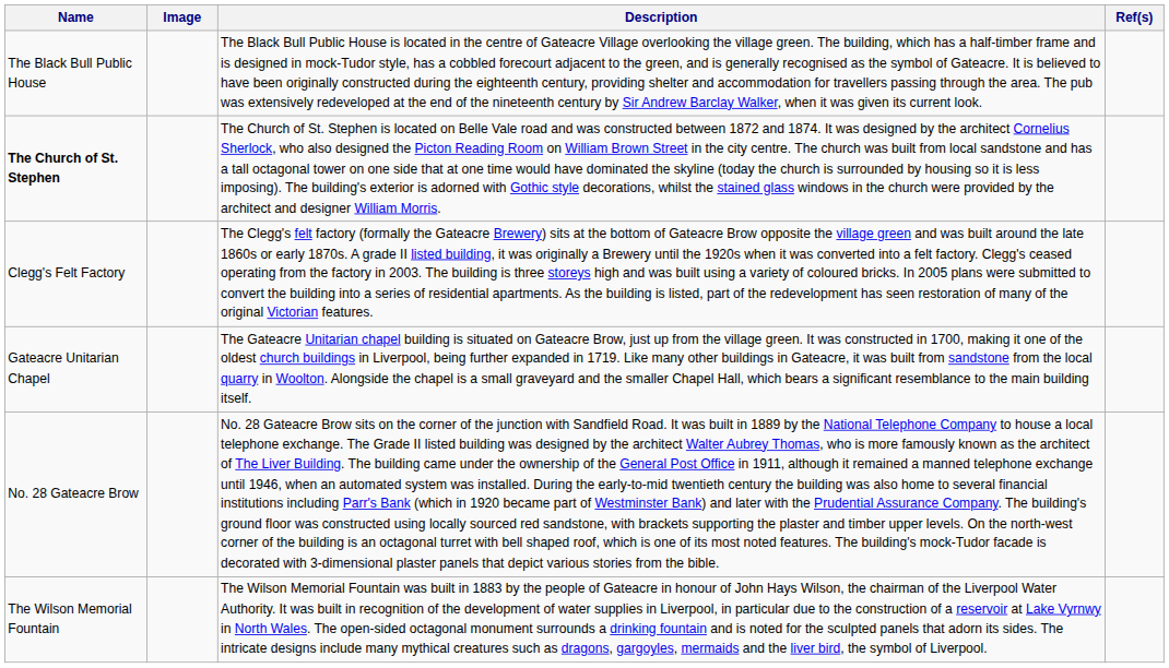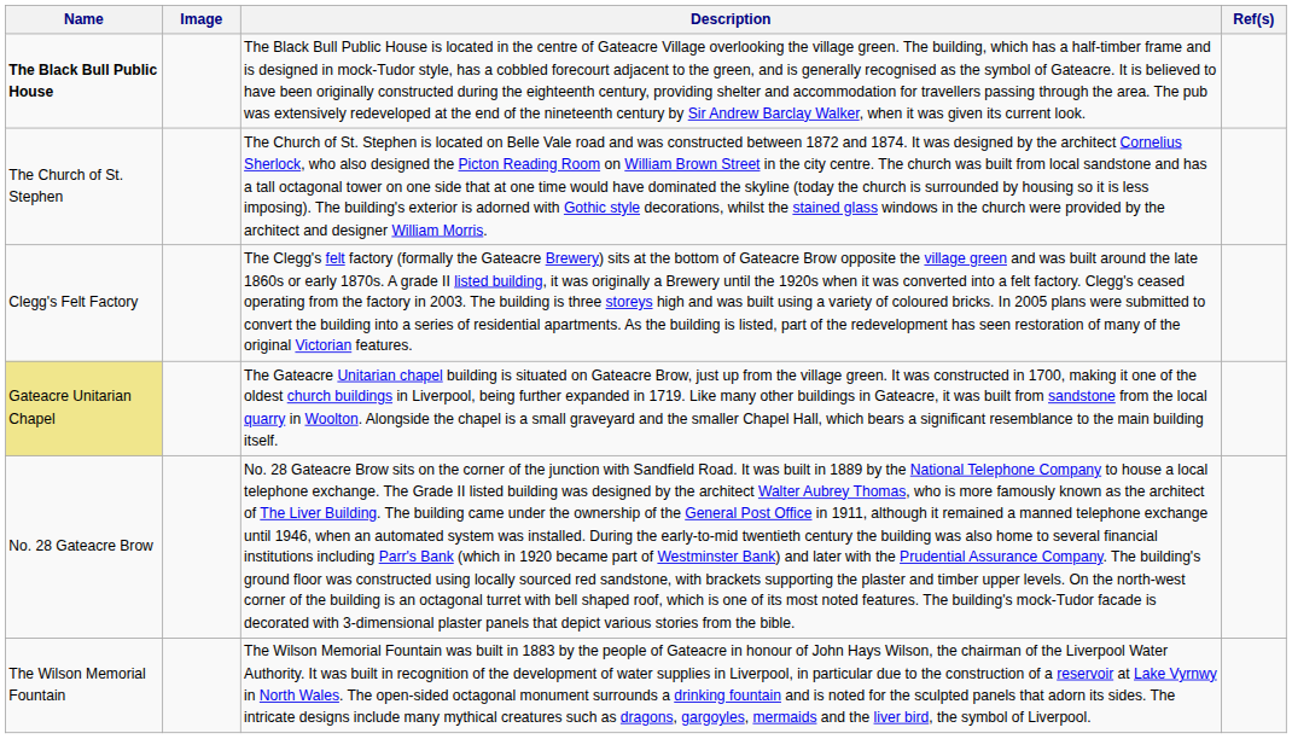 <table class="wikitable" style="font-size:90%;width:100%;border:0px;text-align:left;line-height:150%;">
 <tr>
 <th style="background: #f2f2f2; color: #000080" height="17" width="12%">Name</th>
 <th style="background: #f2f2f2; color: #000080" height="17" width="6%">Image</th>
 <th style="background: #f2f2f2; color: #000080" height="17" width="75%">Description</th>
 <th class="unsortable" style="background: #f2f2f2; color: #000080" height="17" width="5%">Ref(s)</th>
 </tr>
 <tr>
-<td>The Black Bull Public House</td>
+<td><strong>The Black Bull Public House</strong></td>
 <td></td>
 <td>The Black Bull Public House is located in the centre of Gateacre Village overlooking the village green. The building, which has a half-timber frame and is designed in mock-Tudor style, has a cobbled forecourt adjacent to the green, and is generally recognised as the symbol of Gateacre. It is believed to have been originally constructed during the eighteenth century, providing shelter and accommodation for travellers passing through the area. The pub was extensively redeveloped at the end of the nineteenth century by <a href='#'>Sir Andrew Barclay Walker</a>, when it was given its current look.</td>
 <td></td>
 </tr>
 <tr>
-<td><strong>The Church of St. Stephen</strong></td>
+<td>The Church of St. Stephen</td>
 <td></td>
 <td>The Church of St. Stephen is located on Belle Vale road and was constructed between 1872 and 1874. It was designed by the architect <a href='#'>Cornelius Sherlock</a>, who also designed the <a href='#'>Picton Reading Room</a> on <a href='#'>William Brown Street</a> in the city centre. The church was built from local sandstone and has a tall octagonal tower on one side that at one time would have dominated the skyline (today the church is surrounded by housing so it is less imposing). The building's exterior is adorned with <a href='#'>Gothic style</a> decorations, whilst the <a href='#'>stained glass</a> windows in the church were provided by the architect and designer <a href='#'>William Morris</a>.</td>
 <td></td>
 </tr>
 <tr>
 <td>Clegg's Felt Factory</td>
 <td></td>
 <td>The Clegg's <a href='#'>felt</a> factory (formally the Gateacre <a href='#'>Brewery</a>) sits at the bottom of Gateacre Brow opposite the <a href='#'>village green</a> and was built around the late 1860s or early 1870s. A grade II <a href='#'>listed building</a>, it was originally a Brewery until the 1920s when it was converted into a felt factory. Clegg's ceased operating from the factory in 2003. The building is three <a href='#'>storeys</a> high and was built using a variety of coloured bricks. In 2005 plans were submitted to convert the building into a series of residential apartments. As the building is listed, part of the redevelopment has seen restoration of many of the original <a href='#'>Victorian</a> features.</td>
 <td></td>
 </tr>
 <tr>
-<td>Gateacre Unitarian Chapel</td>
+<td style="background: khaki;">Gateacre Unitarian Chapel</td>
 <td></td>
 <td>The Gateacre <a href='#'>Unitarian chapel</a> building is situated on Gateacre Brow, just up from the village green. It was constructed in 1700, making it one of the oldest <a href='#'>church buildings</a> in Liverpool, being further expanded in 1719. Like many other buildings in Gateacre, it was built from <a href='#'>sandstone</a> from the local <a href='#'>quarry</a> in <a href='#'>Woolton</a>. Alongside the chapel is a small graveyard and the smaller Chapel Hall, which bears a significant resemblance to the main building itself.</td>
 <td></td>
 </tr>
 <tr>
 <td>No. 28 Gateacre Brow</td>
 <td></td>
 <td>No. 28 Gateacre Brow sits on the corner of the junction with Sandfield Road. It was built in 1889 by the <a href='#'>National Telephone Company</a> to house a local telephone exchange. The Grade II listed building was designed by the architect <a href='#'>Walter Aubrey Thomas</a>, who is more famously known as the architect of <a href='#'>The Liver Building</a>. The building came under the ownership of the <a href='#'>General Post Office</a> in 1911, although it remained a manned telephone exchange until 1946, when an automated system was installed. During the early-to-mid twentieth century the building was also home to several financial institutions including <a href='#'>Parr's Bank</a> (which in 1920 became part of <a href='#'>Westminster Bank</a>) and later with the <a href='#'>Prudential Assurance Company</a>. The building's ground floor was constructed using locally sourced red sandstone, with brackets supporting the plaster and timber upper levels. On the north-west corner of the building is an octagonal turret with bell shaped roof, which is one of its most noted features. The building's mock-Tudor facade is decorated with 3-dimensional plaster panels that depict various stories from the bible.</td>
 <td></td>
 </tr>
 <tr>
 <td>The Wilson Memorial Fountain</td>
 <td></td>
 <td>The Wilson Memorial Fountain was built in 1883 by the people of Gateacre in honour of John Hays Wilson, the chairman of the Liverpool Water Authority. It was built in recognition of the development of water supplies in Liverpool, in particular due to the construction of a <a href='#'>reservoir</a> at <a href='#'>Lake Vyrnwy</a> in <a href='#'>North Wales</a>. The open-sided octagonal monument surrounds a <a href='#'>drinking fountain</a> and is noted for the sculpted panels that adorn its sides. The intricate designs include many mythical creatures such as <a href='#'>dragons</a>, <a href='#'>gargoyles</a>, <a href='#'>mermaids</a> and the <a href='#'>liver bird</a>, the symbol of Liverpool.</td>
 <td></td>
 </tr>
 <tr>
 </tr>
 </table>
